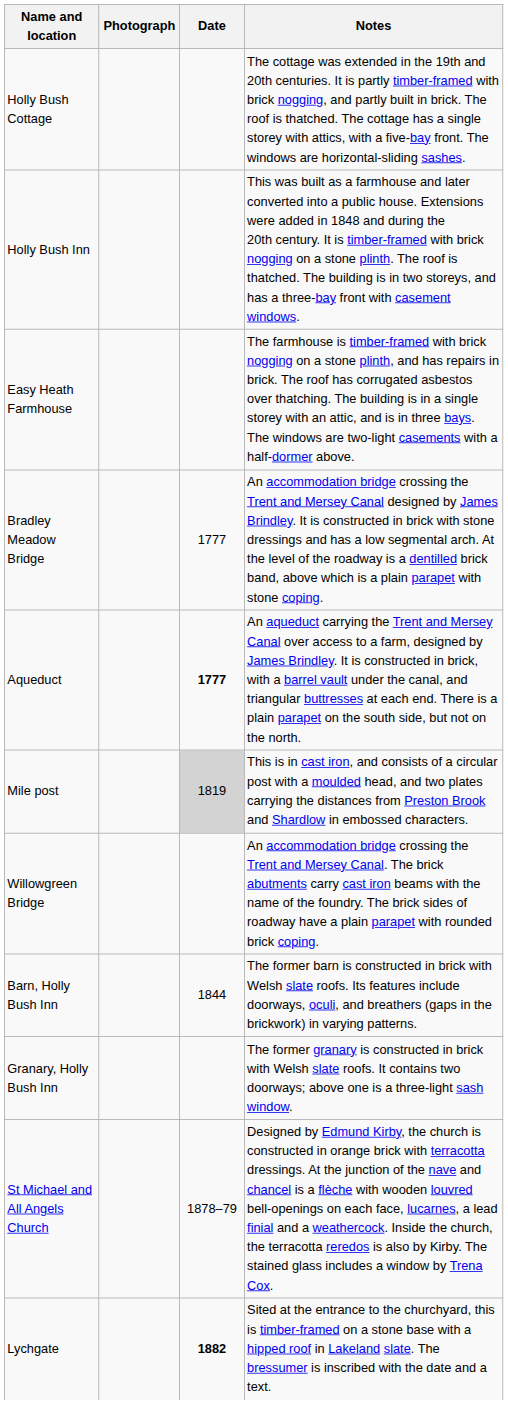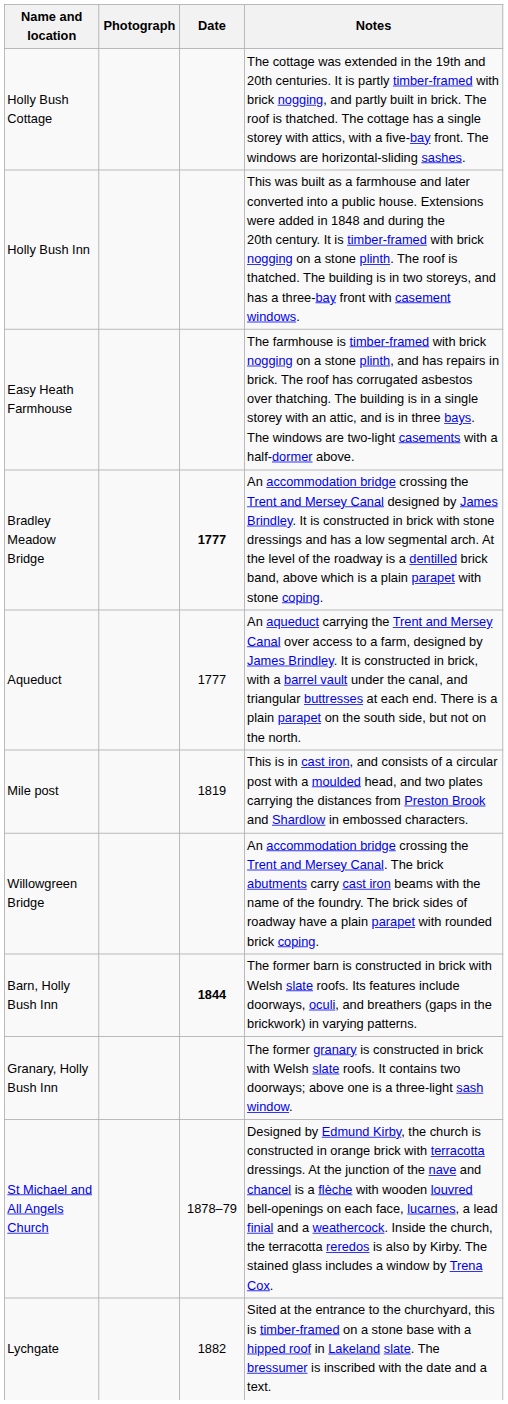 <table class="wikitable sortable plainrowheaders" style="width:100%;border:0px;text-align:left;line-height:150%;">
 <tr>
 <th scope="col" style="width:150px">Name and location</th>
 <th scope="col" style="width:100px" class="unsortable">Photograph</th>
 <th scope="col" style="width:120px">Date</th>
 <th scope="col" style="width:650px" class="unsortable">Notes</th>
 </tr>
 <tr>
 <td>Holly Bush Cottage<br><small></small></td>
 <td></td>
 <td align="center"></td>
 <td>The cottage was extended in the 19th and 20th centuries. It is partly <a href='#'>timber-framed</a> with brick <a href='#'>nogging</a>, and partly built in brick. The roof is thatched. The cottage has a single storey with attics, with a five-<a href='#'>bay</a> front. The windows are horizontal-sliding <a href='#'>sashes</a>.</td>
 </tr>
 <tr>
 <td>Holly Bush Inn<br><small></small></td>
 <td></td>
 <td align="center"></td>
 <td>This was built as a farmhouse and later converted into a public house. Extensions were added in 1848 and during the 20th century. It is <a href='#'>timber-framed</a> with brick <a href='#'>nogging</a> on a stone <a href='#'>plinth</a>. The roof is thatched. The building is in two storeys, and has a three-<a href='#'>bay</a> front with <a href='#'>casement windows</a>.</td>
 </tr>
 <tr>
 <td>Easy Heath Farmhouse<br><small></small></td>
 <td></td>
 <td align="center"></td>
 <td>The farmhouse is <a href='#'>timber-framed</a> with brick <a href='#'>nogging</a> on a stone <a href='#'>plinth</a>, and has repairs in brick. The roof has corrugated asbestos over thatching. The building is in a single storey with an attic, and is in three <a href='#'>bays</a>. The windows are two-light <a href='#'>casements</a> with a half-<a href='#'>dormer</a> above.</td>
 </tr>
 <tr>
 <td>Bradley Meadow Bridge<br><small></small></td>
 <td></td>
-<td align="center">1777</td>
+<td align="center"><strong>1777</strong></td>
 <td>An <a href='#'>accommodation bridge</a> crossing the <a href='#'>Trent and Mersey Canal</a> designed by <a href='#'>James Brindley</a>. It is constructed in brick with stone dressings and has a low segmental arch. At the level of the roadway is a <a href='#'>dentilled</a> brick band, above which is a plain <a href='#'>parapet</a> with stone <a href='#'>coping</a>.</td>
 </tr>
 <tr>
 <td>Aqueduct<br><small></small></td>
 <td></td>
-<td align="center"><strong>1777</strong></td>
+<td align="center">1777</td>
 <td>An <a href='#'>aqueduct</a> carrying the <a href='#'>Trent and Mersey Canal</a> over access to a farm, designed by <a href='#'>James Brindley</a>. It is constructed in brick, with a <a href='#'>barrel vault</a> under the canal, and triangular <a href='#'>buttresses</a> at each end. There is a plain <a href='#'>parapet</a> on the south side, but not on the north.</td>
 </tr>
 <tr>
 <td>Mile post<br><small></small></td>
 <td></td>
-<td align="center" style="background: lightgrey;">1819</td>
+<td align="center">1819</td>
 <td>This is in <a href='#'>cast iron</a>, and consists of a circular post with a <a href='#'>moulded</a> head, and two plates carrying the distances from <a href='#'>Preston Brook</a> and <a href='#'>Shardlow</a> in embossed characters.</td>
 </tr>
 <tr>
 <td>Willowgreen Bridge<br><small></small></td>
 <td></td>
 <td align="center"></td>
 <td>An <a href='#'>accommodation bridge</a> crossing the <a href='#'>Trent and Mersey Canal</a>. The brick <a href='#'>abutments</a> carry <a href='#'>cast iron</a> beams with the name of the foundry. The brick sides of roadway have a plain <a href='#'>parapet</a> with rounded brick <a href='#'>coping</a>.</td>
 </tr>
 <tr>
 <td>Barn, Holly Bush Inn<br><small></small></td>
 <td></td>
-<td align="center">1844</td>
+<td align="center"><strong>1844</strong></td>
 <td>The former barn is constructed in brick with Welsh <a href='#'>slate</a> roofs. Its features include doorways, <a href='#'>oculi</a>, and breathers (gaps in the brickwork) in varying patterns.</td>
 </tr>
 <tr>
 <td>Granary, Holly Bush Inn<br><small></small></td>
 <td></td>
 <td align="center"></td>
 <td>The former <a href='#'>granary</a> is constructed in brick with Welsh <a href='#'>slate</a> roofs. It contains two doorways; above one is a three-light <a href='#'>sash window</a>.</td>
 </tr>
 <tr>
 <td><a href='#'>St Michael and All Angels Church</a><br><small></small></td>
 <td></td>
 <td align="center">1878–79</td>
 <td>Designed by <a href='#'>Edmund Kirby</a>, the church is constructed in orange brick with <a href='#'>terracotta</a> dressings. At the junction of the <a href='#'>nave</a> and <a href='#'>chancel</a> is a <a href='#'>flèche</a> with wooden <a href='#'>louvred</a> bell-openings on each face, <a href='#'>lucarnes</a>, a lead <a href='#'>finial</a> and a <a href='#'>weathercock</a>. Inside the church, the terracotta <a href='#'>reredos</a> is also by Kirby. The stained glass includes a window by <a href='#'>Trena Cox</a>.</td>
 </tr>
 <tr>
 <td>Lychgate<br><small></small></td>
 <td></td>
-<td align="center"><strong>1882</strong></td>
+<td align="center">1882</td>
 <td>Sited at the entrance to the churchyard, this is <a href='#'>timber-framed</a> on a stone base with a <a href='#'>hipped roof</a> in <a href='#'>Lakeland</a> <a href='#'>slate</a>. The <a href='#'>bressumer</a> is inscribed with the date and a text.</td>
 </tr>
 <tr>
 </tr>
 </table>
